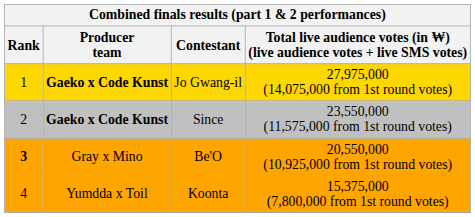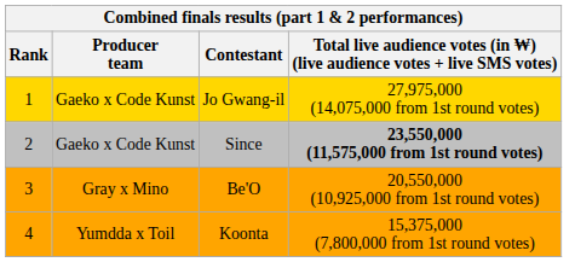 <table class="wikitable" style="text-align:center" border="2">
 <tr>
 <th colspan="4">Combined finals results (part 1 & 2 performances)</th>
 </tr>
 <tr>
 <th>Rank</th>
 <th>Producer <br> team</th>
 <th>Contestant</th>
 <th>Total live audience votes (in ₩)<br>(live audience votes + live SMS votes)</th>
 </tr>
 <tr>
 <td style="background:gold">1</td>
-<td style="background:gold"><strong>Gaeko x Code Kunst</strong></td>
+<td style="background:gold">Gaeko x Code Kunst</td>
 <td style="background:gold">Jo Gwang-il</td>
 <td style="background:gold">27,975,000 <br>(14,075,000 from 1st round votes)</td>
 </tr>
 <tr>
 <td style="background:silver">2</td>
-<td style="background:silver"><strong>Gaeko x Code Kunst</strong></td>
+<td style="background:silver">Gaeko x Code Kunst</td>
 <td style="background:silver">Since</td>
-<td style="background:silver">23,550,000 <br>(11,575,000 from 1st round votes)</td>
+<td style="background:silver"><strong>23,550,000 <br>(11,575,000 from 1st round votes)</strong></td>
 </tr>
 <tr>
-<td style="background:orange"><strong>3</strong></td>
+<td style="background:orange">3</td>
 <td style="background:orange">Gray x Mino</td>
 <td style="background:orange">Be'O</td>
 <td style="background:orange">20,550,000 <br>(10,925,000 from 1st round votes)</td>
 </tr>
 <tr>
 <td style="background:orange">4</td>
 <td style="background:orange">Yumdda x Toil</td>
 <td style="background:orange">Koonta</td>
 <td style="background:orange">15,375,000 <br> (7,800,000 from 1st round votes)</td>
 </tr>
 <tr>
 </tr>
 </table>
